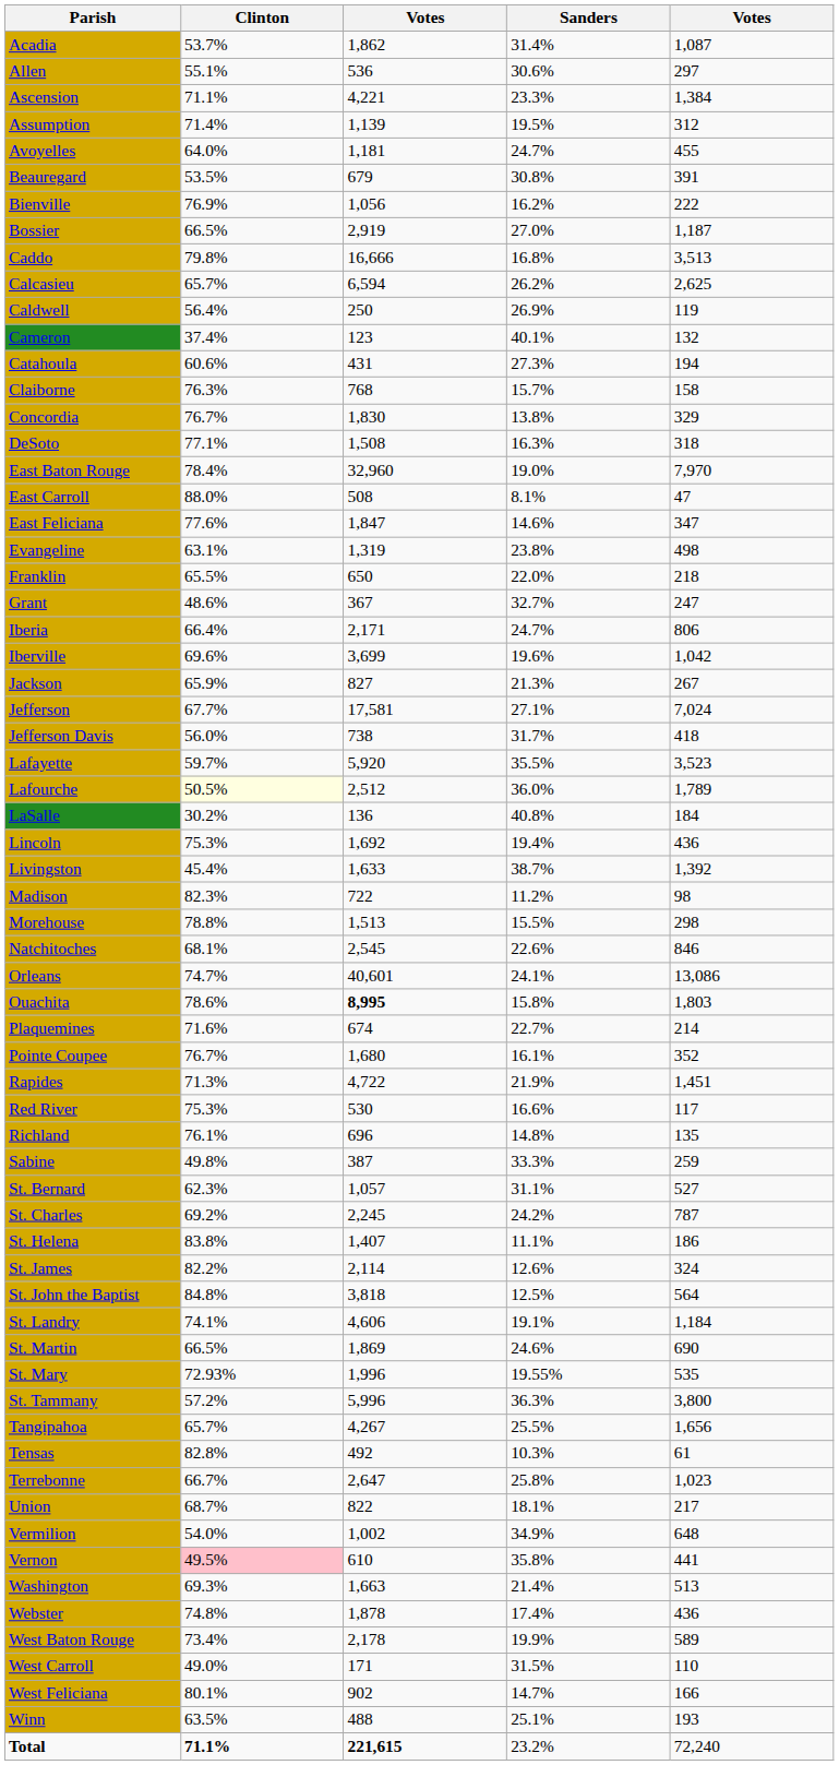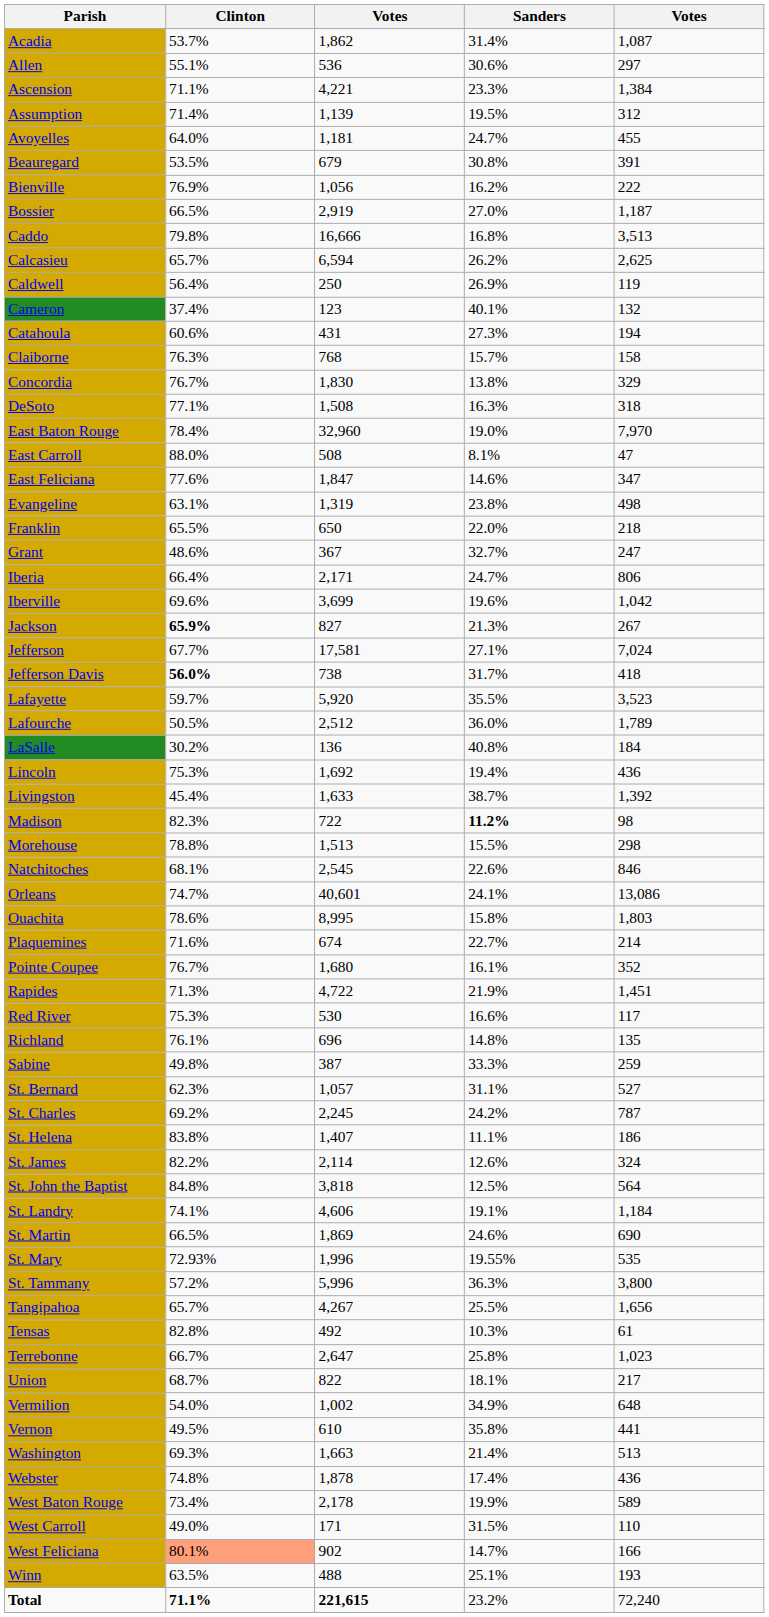 <table width="50%" class="wikitable sortable">
 <tr>
 <th width="10%">Parish</th>
 <th width="10%">Clinton</th>
 <th width="10%">Votes</th>
 <th width="10%">Sanders</th>
 <th width="10%">Votes</th>
 </tr>
 <tr>
 <td style="background:#D4AA00;"><a href='#'>Acadia</a></td>
 <td>53.7%</td>
 <td>1,862</td>
 <td>31.4%</td>
 <td>1,087</td>
 </tr>
 <tr>
 <td style="background:#D4AA00;"><a href='#'>Allen</a></td>
 <td>55.1%</td>
 <td>536</td>
 <td>30.6%</td>
 <td>297</td>
 </tr>
 <tr>
 <td style="background:#D4AA00;"><a href='#'>Ascension</a></td>
 <td>71.1%</td>
 <td>4,221</td>
 <td>23.3%</td>
 <td>1,384</td>
 </tr>
 <tr>
 <td style="background:#D4AA00;"><a href='#'>Assumption</a></td>
 <td>71.4%</td>
 <td>1,139</td>
 <td>19.5%</td>
 <td>312</td>
 </tr>
 <tr>
 <td style="background:#D4AA00;"><a href='#'>Avoyelles</a></td>
 <td>64.0%</td>
 <td>1,181</td>
 <td>24.7%</td>
 <td>455</td>
 </tr>
 <tr>
 <td style="background:#D4AA00;"><a href='#'>Beauregard</a></td>
 <td>53.5%</td>
 <td>679</td>
 <td>30.8%</td>
 <td>391</td>
 </tr>
 <tr>
 <td style="background:#D4AA00;"><a href='#'>Bienville</a></td>
 <td>76.9%</td>
 <td>1,056</td>
 <td>16.2%</td>
 <td>222</td>
 </tr>
 <tr>
 <td style="background:#D4AA00;"><a href='#'>Bossier</a></td>
 <td>66.5%</td>
 <td>2,919</td>
 <td>27.0%</td>
 <td>1,187</td>
 </tr>
 <tr>
 <td style="background:#D4AA00;"><a href='#'>Caddo</a></td>
 <td>79.8%</td>
 <td>16,666</td>
 <td>16.8%</td>
 <td>3,513</td>
 </tr>
 <tr>
 <td style="background:#D4AA00;"><a href='#'>Calcasieu</a></td>
 <td>65.7%</td>
 <td>6,594</td>
 <td>26.2%</td>
 <td>2,625</td>
 </tr>
 <tr>
 <td style="background:#D4AA00;"><a href='#'>Caldwell</a></td>
 <td>56.4%</td>
 <td>250</td>
 <td>26.9%</td>
 <td>119</td>
 </tr>
 <tr>
 <td style="background:#228b22;"><a href='#'>Cameron</a></td>
 <td>37.4%</td>
 <td>123</td>
 <td>40.1%</td>
 <td>132</td>
 </tr>
 <tr>
 <td style="background:#D4AA00;"><a href='#'>Catahoula</a></td>
 <td>60.6%</td>
 <td>431</td>
 <td>27.3%</td>
 <td>194</td>
 </tr>
 <tr>
 <td style="background:#D4AA00;"><a href='#'>Claiborne</a></td>
 <td>76.3%</td>
 <td>768</td>
 <td>15.7%</td>
 <td>158</td>
 </tr>
 <tr>
 <td style="background:#D4AA00;"><a href='#'>Concordia</a></td>
 <td>76.7%</td>
 <td>1,830</td>
 <td>13.8%</td>
 <td>329</td>
 </tr>
 <tr>
 <td style="background:#D4AA00;"><a href='#'>DeSoto</a></td>
 <td>77.1%</td>
 <td>1,508</td>
 <td>16.3%</td>
 <td>318</td>
 </tr>
 <tr>
 <td style="background:#D4AA00;"><a href='#'>East Baton Rouge</a></td>
 <td>78.4%</td>
 <td>32,960</td>
 <td>19.0%</td>
 <td>7,970</td>
 </tr>
 <tr>
 <td style="background:#D4AA00;"><a href='#'>East Carroll</a></td>
 <td>88.0%</td>
 <td>508</td>
 <td>8.1%</td>
 <td>47</td>
 </tr>
 <tr>
 <td style="background:#D4AA00;"><a href='#'>East Feliciana</a></td>
 <td>77.6%</td>
 <td>1,847</td>
 <td>14.6%</td>
 <td>347</td>
 </tr>
 <tr>
 <td style="background:#D4AA00;"><a href='#'>Evangeline</a></td>
 <td>63.1%</td>
 <td>1,319</td>
 <td>23.8%</td>
 <td>498</td>
 </tr>
 <tr>
 <td style="background:#D4AA00;"><a href='#'>Franklin</a></td>
 <td>65.5%</td>
 <td>650</td>
 <td>22.0%</td>
 <td>218</td>
 </tr>
 <tr>
 <td style="background:#D4AA00;"><a href='#'>Grant</a></td>
 <td>48.6%</td>
 <td>367</td>
 <td>32.7%</td>
 <td>247</td>
 </tr>
 <tr>
 <td style="background:#D4AA00;"><a href='#'>Iberia</a></td>
 <td>66.4%</td>
 <td>2,171</td>
 <td>24.7%</td>
 <td>806</td>
 </tr>
 <tr>
 <td style="background:#D4AA00;"><a href='#'>Iberville</a></td>
 <td>69.6%</td>
 <td>3,699</td>
 <td>19.6%</td>
 <td>1,042</td>
 </tr>
 <tr>
 <td style="background:#D4AA00;"><a href='#'>Jackson</a></td>
-<td>65.9%</td>
+<td><strong>65.9%</strong></td>
 <td>827</td>
 <td>21.3%</td>
 <td>267</td>
 </tr>
 <tr>
 <td style="background:#D4AA00;"><a href='#'>Jefferson</a></td>
 <td>67.7%</td>
 <td>17,581</td>
 <td>27.1%</td>
 <td>7,024</td>
 </tr>
 <tr>
 <td style="background:#D4AA00;"><a href='#'>Jefferson Davis</a></td>
-<td>56.0%</td>
+<td><strong>56.0%</strong></td>
 <td>738</td>
 <td>31.7%</td>
 <td>418</td>
 </tr>
 <tr>
 <td style="background:#D4AA00;"><a href='#'>Lafayette</a></td>
 <td>59.7%</td>
 <td>5,920</td>
 <td>35.5%</td>
 <td>3,523</td>
 </tr>
 <tr>
 <td style="background:#D4AA00;"><a href='#'>Lafourche</a></td>
-<td style="background: lightyellow;">50.5%</td>
+<td>50.5%</td>
 <td>2,512</td>
 <td>36.0%</td>
 <td>1,789</td>
 </tr>
 <tr>
 <td style="background:#228b22;"><a href='#'>LaSalle</a></td>
 <td>30.2%</td>
 <td>136</td>
 <td>40.8%</td>
 <td>184</td>
 </tr>
 <tr>
 <td style="background:#D4AA00;"><a href='#'>Lincoln</a></td>
 <td>75.3%</td>
 <td>1,692</td>
 <td>19.4%</td>
 <td>436</td>
 </tr>
 <tr>
 <td style="background:#D4AA00;"><a href='#'>Livingston</a></td>
 <td>45.4%</td>
 <td>1,633</td>
 <td>38.7%</td>
 <td>1,392</td>
 </tr>
 <tr>
 <td style="background:#D4AA00;"><a href='#'>Madison</a></td>
 <td>82.3%</td>
 <td>722</td>
-<td>11.2%</td>
+<td><strong>11.2%</strong></td>
 <td>98</td>
 </tr>
 <tr>
 <td style="background:#D4AA00;"><a href='#'>Morehouse</a></td>
 <td>78.8%</td>
 <td>1,513</td>
 <td>15.5%</td>
 <td>298</td>
 </tr>
 <tr>
 <td style="background:#D4AA00;"><a href='#'>Natchitoches</a></td>
 <td>68.1%</td>
 <td>2,545</td>
 <td>22.6%</td>
 <td>846</td>
 </tr>
 <tr>
 <td style="background:#D4AA00;"><a href='#'>Orleans</a></td>
 <td>74.7%</td>
 <td>40,601</td>
 <td>24.1%</td>
 <td>13,086</td>
 </tr>
 <tr>
 <td style="background:#D4AA00;"><a href='#'>Ouachita</a></td>
 <td>78.6%</td>
-<td><strong>8,995</strong></td>
+<td>8,995</td>
 <td>15.8%</td>
 <td>1,803</td>
 </tr>
 <tr>
 <td style="background:#D4AA00;"><a href='#'>Plaquemines</a></td>
 <td>71.6%</td>
 <td>674</td>
 <td>22.7%</td>
 <td>214</td>
 </tr>
 <tr>
 <td style="background:#D4AA00;"><a href='#'>Pointe Coupee</a></td>
 <td>76.7%</td>
 <td>1,680</td>
 <td>16.1%</td>
 <td>352</td>
 </tr>
 <tr>
 <td style="background:#D4AA00;"><a href='#'>Rapides</a></td>
 <td>71.3%</td>
 <td>4,722</td>
 <td>21.9%</td>
 <td>1,451</td>
 </tr>
 <tr>
 <td style="background:#D4AA00;"><a href='#'>Red River</a></td>
 <td>75.3%</td>
 <td>530</td>
 <td>16.6%</td>
 <td>117</td>
 </tr>
 <tr>
 <td style="background:#D4AA00;"><a href='#'>Richland</a></td>
 <td>76.1%</td>
 <td>696</td>
 <td>14.8%</td>
 <td>135</td>
 </tr>
 <tr>
 <td style="background:#D4AA00;"><a href='#'>Sabine</a></td>
 <td>49.8%</td>
 <td>387</td>
 <td>33.3%</td>
 <td>259</td>
 </tr>
 <tr>
 <td style="background:#D4AA00;"><a href='#'>St. Bernard</a></td>
 <td>62.3%</td>
 <td>1,057</td>
 <td>31.1%</td>
 <td>527</td>
 </tr>
 <tr>
 <td style="background:#D4AA00;"><a href='#'>St. Charles</a></td>
 <td>69.2%</td>
 <td>2,245</td>
 <td>24.2%</td>
 <td>787</td>
 </tr>
 <tr>
 <td style="background:#D4AA00;"><a href='#'>St. Helena</a></td>
 <td>83.8%</td>
 <td>1,407</td>
 <td>11.1%</td>
 <td>186</td>
 </tr>
 <tr>
 <td style="background:#D4AA00;"><a href='#'>St. James</a></td>
 <td>82.2%</td>
 <td>2,114</td>
 <td>12.6%</td>
 <td>324</td>
 </tr>
 <tr>
 <td style="background:#D4AA00;"><a href='#'>St. John the Baptist</a></td>
 <td>84.8%</td>
 <td>3,818</td>
 <td>12.5%</td>
 <td>564</td>
 </tr>
 <tr>
 <td style="background:#D4AA00;"><a href='#'>St. Landry</a></td>
 <td>74.1%</td>
 <td>4,606</td>
 <td>19.1%</td>
 <td>1,184</td>
 </tr>
 <tr>
 <td style="background:#D4AA00;"><a href='#'>St. Martin</a></td>
 <td>66.5%</td>
 <td>1,869</td>
 <td>24.6%</td>
 <td>690</td>
 </tr>
 <tr>
 <td style="background:#D4AA00;"><a href='#'>St. Mary</a></td>
 <td>72.93%</td>
 <td>1,996</td>
 <td>19.55%</td>
 <td>535</td>
 </tr>
 <tr>
 <td style="background:#D4AA00;"><a href='#'>St. Tammany</a></td>
 <td>57.2%</td>
 <td>5,996</td>
 <td>36.3%</td>
 <td>3,800</td>
 </tr>
 <tr>
 <td style="background:#D4AA00;"><a href='#'>Tangipahoa</a></td>
 <td>65.7%</td>
 <td>4,267</td>
 <td>25.5%</td>
 <td>1,656</td>
 </tr>
 <tr>
 <td style="background:#D4AA00;"><a href='#'>Tensas</a></td>
 <td>82.8%</td>
 <td>492</td>
 <td>10.3%</td>
 <td>61</td>
 </tr>
 <tr>
 <td style="background:#D4AA00;"><a href='#'>Terrebonne</a></td>
 <td>66.7%</td>
 <td>2,647</td>
 <td>25.8%</td>
 <td>1,023</td>
 </tr>
 <tr>
 <td style="background:#D4AA00;"><a href='#'>Union</a></td>
 <td>68.7%</td>
 <td>822</td>
 <td>18.1%</td>
 <td>217</td>
 </tr>
 <tr>
 <td style="background:#D4AA00;"><a href='#'>Vermilion</a></td>
 <td>54.0%</td>
 <td>1,002</td>
 <td>34.9%</td>
 <td>648</td>
 </tr>
 <tr>
 <td style="background:#D4AA00;"><a href='#'>Vernon</a></td>
-<td style="background: pink;">49.5%</td>
+<td>49.5%</td>
 <td>610</td>
 <td>35.8%</td>
 <td>441</td>
 </tr>
 <tr>
 <td style="background:#D4AA00;"><a href='#'>Washington</a></td>
 <td>69.3%</td>
 <td>1,663</td>
 <td>21.4%</td>
 <td>513</td>
 </tr>
 <tr>
 <td style="background:#D4AA00;"><a href='#'>Webster</a></td>
 <td>74.8%</td>
 <td>1,878</td>
 <td>17.4%</td>
 <td>436</td>
 </tr>
 <tr>
 <td style="background:#D4AA00;"><a href='#'>West Baton Rouge</a></td>
 <td>73.4%</td>
 <td>2,178</td>
 <td>19.9%</td>
 <td>589</td>
 </tr>
 <tr>
 <td style="background:#D4AA00;"><a href='#'>West Carroll</a></td>
 <td>49.0%</td>
 <td>171</td>
 <td>31.5%</td>
 <td>110</td>
 </tr>
 <tr>
 <td style="background:#D4AA00;"><a href='#'>West Feliciana</a></td>
-<td>80.1%</td>
+<td style="background: lightsalmon;">80.1%</td>
 <td>902</td>
 <td>14.7%</td>
 <td>166</td>
 </tr>
 <tr>
 <td style="background:#D4AA00;"><a href='#'>Winn</a></td>
 <td>63.5%</td>
 <td>488</td>
 <td>25.1%</td>
 <td>193</td>
 </tr>
 <tr>
 <td><strong>Total</strong></td>
 <td><strong>71.1%</strong></td>
 <td><strong>221,615</strong></td>
 <td>23.2%</td>
 <td>72,240</td>
 </tr>
 </table>
